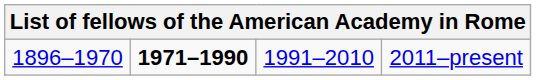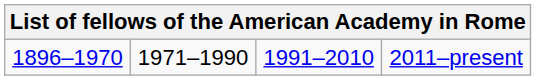 <table class="wikitable">
 <tr>
 <th colspan="4">List of fellows of the American Academy in Rome</th>
 </tr>
 <tr>
 <td style="text-align:center;"><a href='#'>1896–1970</a></td>
-<td style="text-align:center;"><strong>1971–1990</strong></td>
+<td style="text-align:center;">1971–1990</td>
 <td style="text-align:center;"><a href='#'>1991–2010</a></td>
 <td style="text-align:center;"><a href='#'>2011–present</a></td>
 </tr>
 </table>
